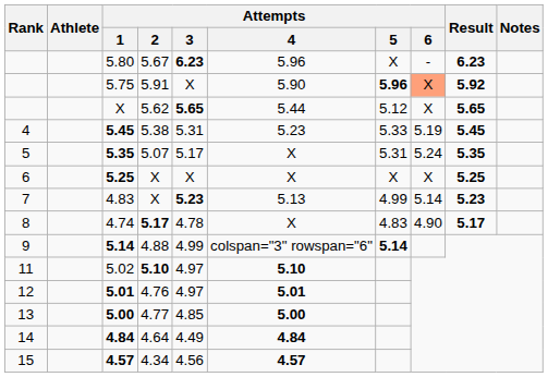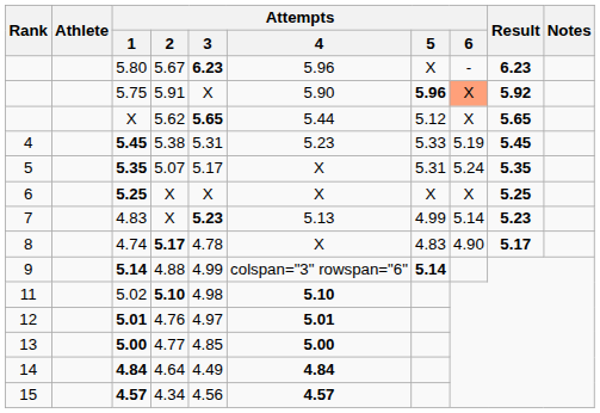 <table class='wikitable'>
 <tr>
 <th rowspan=2>Rank</th>
 <th rowspan=2>Athlete</th>
 <th colspan=6>Attempts</th>
 <th rowspan="2">Result</th>
 <th rowspan="2">Notes</th>
 </tr>
 <tr>
 <th>1</th>
 <th>2</th>
 <th>3</th>
 <th>4</th>
 <th>5</th>
 <th>6</th>
 </tr>
 <tr align=center>
 <td></td>
 <td align=left></td>
 <td>5.80</td>
 <td>5.67</td>
 <td><strong>6.23</strong></td>
 <td>5.96</td>
 <td>X</td>
 <td>-</td>
 <td><strong> 6.23 </strong></td>
 <td></td>
 </tr>
 <tr align=center>
 <td></td>
 <td align=left></td>
 <td>5.75</td>
 <td>5.91</td>
 <td>X</td>
 <td>5.90</td>
 <td><strong>5.96</strong></td>
 <td style="background: lightsalmon;">X</td>
 <td><strong> 5.92 </strong></td>
 <td></td>
 </tr>
 <tr align=center>
 <td></td>
 <td align=left></td>
 <td>X</td>
 <td>5.62</td>
 <td><strong>5.65</strong></td>
 <td>5.44</td>
 <td>5.12</td>
 <td>X</td>
 <td><strong> 5.65 </strong></td>
 <td></td>
 </tr>
 <tr align=center>
 <td>4</td>
 <td align=left></td>
 <td><strong>5.45</strong></td>
 <td>5.38</td>
 <td>5.31</td>
 <td>5.23</td>
 <td>5.33</td>
 <td>5.19</td>
 <td><strong> 5.45 </strong></td>
 <td></td>
 </tr>
 <tr align=center>
 <td>5</td>
 <td align=left></td>
 <td><strong>5.35</strong></td>
 <td>5.07</td>
 <td>5.17</td>
 <td>X</td>
 <td>5.31</td>
 <td>5.24</td>
 <td><strong> 5.35 </strong></td>
 <td></td>
 </tr>
 <tr align=center>
 <td>6</td>
 <td align=left></td>
 <td><strong>5.25</strong></td>
 <td>X</td>
 <td>X</td>
 <td>X</td>
 <td>X</td>
 <td>X</td>
 <td><strong> 5.25 </strong></td>
 <td></td>
 </tr>
 <tr align=center>
 <td>7</td>
 <td align=left></td>
 <td>4.83</td>
 <td>X</td>
 <td><strong>5.23</strong></td>
 <td>5.13</td>
 <td>4.99</td>
 <td>5.14</td>
 <td><strong> 5.23 </strong></td>
 <td></td>
 </tr>
 <tr align=center>
 <td>8</td>
 <td align=left></td>
 <td>4.74</td>
 <td><strong>5.17</strong></td>
 <td>4.78</td>
 <td>X</td>
 <td>4.83</td>
 <td>4.90</td>
 <td><strong> 5.17 </strong></td>
 <td></td>
 </tr>
 <tr align=center>
 <td>9</td>
 <td align=left></td>
 <td><strong>5.14</strong></td>
 <td>4.88</td>
 <td>4.99</td>
 <td>colspan="3" rowspan="6" </td>
 <td><strong> 5.14 </strong></td>
 <td></td>
 </tr>
 <tr align=center>
 <td>11</td>
 <td align=left></td>
 <td>5.02</td>
 <td><strong>5.10</strong></td>
-<td>4.97</td>
+<td>4.98</td>
 <td><strong> 5.10 </strong></td>
 <td></td>
 </tr>
 <tr align=center>
 <td>12</td>
 <td align=left></td>
 <td><strong>5.01</strong></td>
 <td>4.76</td>
 <td>4.97</td>
 <td><strong> 5.01 </strong></td>
 <td></td>
 </tr>
 <tr align=center>
 <td>13</td>
 <td align=left></td>
 <td><strong>5.00</strong></td>
 <td>4.77</td>
 <td>4.85</td>
 <td><strong> 5.00 </strong></td>
 <td></td>
 </tr>
 <tr align=center>
 <td>14</td>
 <td align=left></td>
 <td><strong>4.84</strong></td>
 <td>4.64</td>
 <td>4.49</td>
 <td><strong> 4.84 </strong></td>
 <td></td>
 </tr>
 <tr align=center>
 <td>15</td>
 <td align=left></td>
 <td><strong>4.57</strong></td>
 <td>4.34</td>
 <td>4.56</td>
 <td><strong> 4.57 </strong></td>
 <td></td>
 </tr>
 </table>
